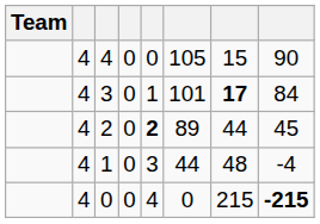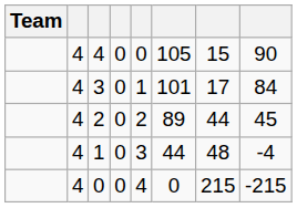 <table class="wikitable" style="text-align: center;">
 <tr>
 <th>Team</th>
 <th></th>
 <th></th>
 <th></th>
 <th></th>
 <th></th>
 <th></th>
 <th></th>
 </tr>
 <tr>
 <td align="left"></td>
 <td>4</td>
 <td>4</td>
 <td>0</td>
 <td>0</td>
 <td>105</td>
 <td>15</td>
 <td>90</td>
 </tr>
 <tr>
 <td align="left"></td>
 <td>4</td>
 <td>3</td>
 <td>0</td>
 <td>1</td>
 <td>101</td>
-<td><strong>17</strong></td>
+<td>17</td>
 <td>84</td>
 </tr>
 <tr>
 <td align="left"></td>
 <td>4</td>
 <td>2</td>
 <td>0</td>
-<td><strong>2</strong></td>
+<td>2</td>
 <td>89</td>
 <td>44</td>
 <td>45</td>
 </tr>
 <tr>
 <td align="left"></td>
 <td>4</td>
 <td>1</td>
 <td>0</td>
 <td>3</td>
 <td>44</td>
 <td>48</td>
 <td>-4</td>
 </tr>
 <tr>
 <td align="left"></td>
 <td>4</td>
 <td>0</td>
 <td>0</td>
 <td>4</td>
 <td>0</td>
 <td>215</td>
-<td><strong>-215</strong></td>
+<td>-215</td>
 </tr>
 </table>
